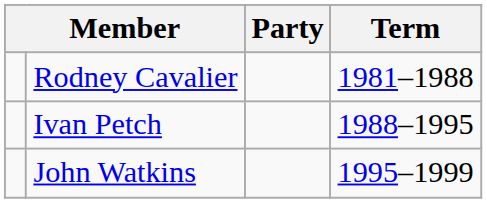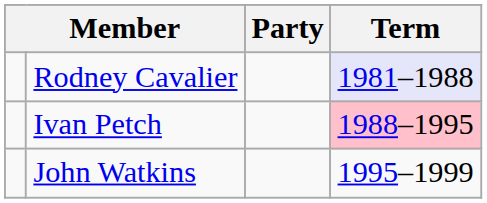 <table class="wikitable">
 <tr>
 <th colspan="2">Member</th>
 <th>Party</th>
 <th>Term</th>
 </tr>
 <tr>
 <td> </td>
 <td><a href='#'>Rodney Cavalier</a></td>
 <td></td>
-<td><a href='#'>1981</a>–1988</td>
+<td style="background: lavender;"><a href='#'>1981</a>–1988</td>
 </tr>
 <tr>
 <td> </td>
 <td><a href='#'>Ivan Petch</a></td>
 <td></td>
-<td><a href='#'>1988</a>–1995</td>
+<td style="background: pink;"><a href='#'>1988</a>–1995</td>
 </tr>
 <tr>
 <td> </td>
 <td><a href='#'>John Watkins</a></td>
 <td></td>
 <td><a href='#'>1995</a>–1999</td>
 </tr>
 </table>
